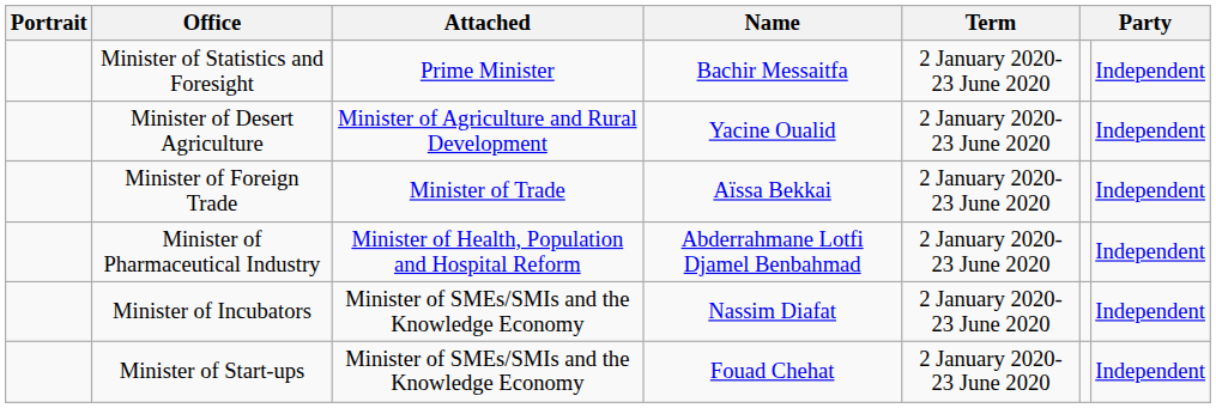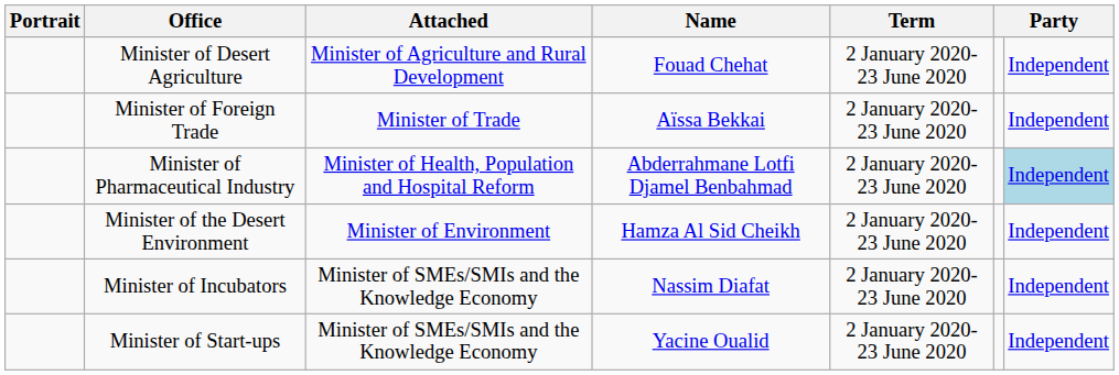 <table class="wikitable" style="text-align:center">
 <tr>
 <th>Portrait</th>
 <th>Office</th>
 <th>Attached</th>
 <th>Name</th>
 <th>Term</th>
 <th colspan="2">Party</th>
 </tr>
 <tr>
 <td></td>
-<td>Minister of Statistics and Foresight</td>
-<td><a href='#'>Prime Minister</a></td>
-<td><a href='#'>Bachir Messaitfa</a></td>
-<td>2 January 2020- 23 June 2020</td>
-<td></td>
-<td><a href='#'>Independent</a></td>
-</tr>
-<tr>
-<td></td>
 <td>Minister of Desert Agriculture</td>
 <td><a href='#'>Minister of Agriculture and Rural Development</a></td>
-<td><a href='#'>Yacine Oualid</a></td>
+<td><a href='#'>Fouad Chehat</a></td>
 <td>2 January 2020- 23 June 2020</td>
 <td></td>
 <td><a href='#'>Independent</a></td>
 </tr>
 <tr>
 <td></td>
 <td>Minister of Foreign Trade</td>
 <td><a href='#'>Minister of Trade</a></td>
 <td><a href='#'>Aïssa Bekkai</a></td>
 <td>2 January 2020- 23 June 2020</td>
 <td></td>
 <td><a href='#'>Independent</a></td>
 </tr>
 <tr>
 <td></td>
 <td>Minister of Pharmaceutical Industry</td>
 <td><a href='#'>Minister of Health, Population and Hospital Reform</a></td>
 <td><a href='#'>Abderrahmane Lotfi Djamel Benbahmad</a></td>
 <td>2 January 2020- 23 June 2020</td>
 <td></td>
+<td style="background: lightblue;"><a href='#'>Independent</a></td>
+</tr>
+<tr>
+<td></td>
+<td>Minister of the Desert Environment</td>
+<td><a href='#'>Minister of Environment</a></td>
+<td><a href='#'>Hamza Al Sid Cheikh</a></td>
+<td>2 January 2020- 23 June 2020</td>
+<td></td>
 <td><a href='#'>Independent</a></td>
 </tr>
 <tr>
 <td></td>
 <td>Minister of Incubators</td>
 <td>Minister of SMEs/SMIs and the Knowledge Economy</td>
 <td><a href='#'>Nassim Diafat</a></td>
 <td>2 January 2020- 23 June 2020</td>
 <td></td>
 <td><a href='#'>Independent</a></td>
 </tr>
 <tr>
 <td></td>
 <td>Minister of Start-ups</td>
 <td>Minister of SMEs/SMIs and the Knowledge Economy</td>
-<td><a href='#'>Fouad Chehat</a></td>
+<td><a href='#'>Yacine Oualid</a></td>
 <td>2 January 2020- 23 June 2020</td>
 <td></td>
 <td><a href='#'>Independent</a></td>
 </tr>
 </table>
